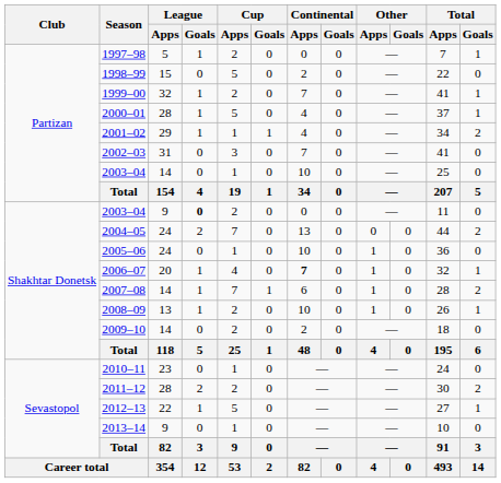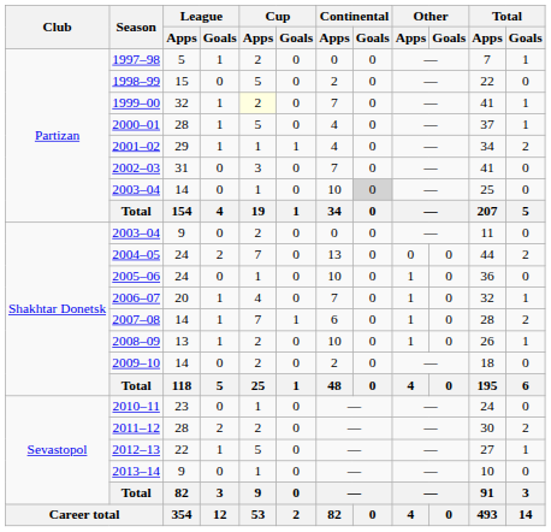 <table class="wikitable" style="text-align:center">
 <tr>
 <th rowspan="2">Club</th>
 <th rowspan="2">Season</th>
 <th colspan="2">League</th>
 <th colspan="2">Cup</th>
 <th colspan="2">Continental</th>
 <th colspan="2">Other</th>
 <th colspan="2">Total</th>
 </tr>
 <tr>
 <th>Apps</th>
 <th>Goals</th>
 <th>Apps</th>
 <th>Goals</th>
 <th>Apps</th>
 <th>Goals</th>
 <th>Apps</th>
 <th>Goals</th>
 <th>Apps</th>
 <th>Goals</th>
 </tr>
 <tr>
 <td rowspan="8"><a href='#'>Partizan</a></td>
 <td><a href='#'>1997–98</a></td>
 <td>5</td>
 <td>1</td>
 <td>2</td>
 <td>0</td>
 <td>0</td>
 <td>0</td>
 <td colspan="2">—</td>
 <td>7</td>
 <td>1</td>
 </tr>
 <tr>
 <td><a href='#'>1998–99</a></td>
 <td>15</td>
 <td>0</td>
 <td>5</td>
 <td>0</td>
 <td>2</td>
 <td>0</td>
 <td colspan="2">—</td>
 <td>22</td>
 <td>0</td>
 </tr>
 <tr>
 <td><a href='#'>1999–00</a></td>
 <td>32</td>
 <td>1</td>
-<td>2</td>
+<td style="background: lightyellow;">2</td>
 <td>0</td>
 <td>7</td>
 <td>0</td>
 <td colspan="2">—</td>
 <td>41</td>
 <td>1</td>
 </tr>
 <tr>
 <td><a href='#'>2000–01</a></td>
 <td>28</td>
 <td>1</td>
 <td>5</td>
 <td>0</td>
 <td>4</td>
 <td>0</td>
 <td colspan="2">—</td>
 <td>37</td>
 <td>1</td>
 </tr>
 <tr>
 <td><a href='#'>2001–02</a></td>
 <td>29</td>
 <td>1</td>
 <td>1</td>
 <td>1</td>
 <td>4</td>
 <td>0</td>
 <td colspan="2">—</td>
 <td>34</td>
 <td>2</td>
 </tr>
 <tr>
 <td><a href='#'>2002–03</a></td>
 <td>31</td>
 <td>0</td>
 <td>3</td>
 <td>0</td>
 <td>7</td>
 <td>0</td>
 <td colspan="2">—</td>
 <td>41</td>
 <td>0</td>
 </tr>
 <tr>
 <td><a href='#'>2003–04</a></td>
 <td>14</td>
 <td>0</td>
 <td>1</td>
 <td>0</td>
 <td>10</td>
-<td>0</td>
+<td style="background: lightgrey;">0</td>
 <td colspan="2">—</td>
 <td>25</td>
 <td>0</td>
 </tr>
 <tr>
 <th>Total</th>
 <th>154</th>
 <th>4</th>
 <th>19</th>
 <th>1</th>
 <th>34</th>
 <th>0</th>
 <th colspan="2">—</th>
 <th>207</th>
 <th>5</th>
 </tr>
 <tr>
 <td rowspan="8"><a href='#'>Shakhtar Donetsk</a></td>
 <td><a href='#'>2003–04</a></td>
 <td>9</td>
-<td><strong>0</strong></td>
+<td>0</td>
 <td>2</td>
 <td>0</td>
 <td>0</td>
 <td>0</td>
 <td colspan="2">—</td>
 <td>11</td>
 <td>0</td>
 </tr>
 <tr>
 <td><a href='#'>2004–05</a></td>
 <td>24</td>
 <td>2</td>
 <td>7</td>
 <td>0</td>
 <td>13</td>
 <td>0</td>
 <td>0</td>
 <td>0</td>
 <td>44</td>
 <td>2</td>
 </tr>
 <tr>
 <td><a href='#'>2005–06</a></td>
 <td>24</td>
 <td>0</td>
 <td>1</td>
 <td>0</td>
 <td>10</td>
 <td>0</td>
 <td>1</td>
 <td>0</td>
 <td>36</td>
 <td>0</td>
 </tr>
 <tr>
 <td><a href='#'>2006–07</a></td>
 <td>20</td>
 <td>1</td>
 <td>4</td>
 <td>0</td>
-<td><strong>7</strong></td>
+<td>7</td>
 <td>0</td>
 <td>1</td>
 <td>0</td>
 <td>32</td>
 <td>1</td>
 </tr>
 <tr>
 <td><a href='#'>2007–08</a></td>
 <td>14</td>
 <td>1</td>
 <td>7</td>
 <td>1</td>
 <td>6</td>
 <td>0</td>
 <td>1</td>
 <td>0</td>
 <td>28</td>
 <td>2</td>
 </tr>
 <tr>
 <td><a href='#'>2008–09</a></td>
 <td>13</td>
 <td>1</td>
 <td>2</td>
 <td>0</td>
 <td>10</td>
 <td>0</td>
 <td>1</td>
 <td>0</td>
 <td>26</td>
 <td>1</td>
 </tr>
 <tr>
 <td><a href='#'>2009–10</a></td>
 <td>14</td>
 <td>0</td>
 <td>2</td>
 <td>0</td>
 <td>2</td>
 <td>0</td>
 <td colspan="2">—</td>
 <td>18</td>
 <td>0</td>
 </tr>
 <tr>
 <th>Total</th>
 <th>118</th>
 <th>5</th>
 <th>25</th>
 <th>1</th>
 <th>48</th>
 <th>0</th>
 <th>4</th>
 <th>0</th>
 <th>195</th>
 <th>6</th>
 </tr>
 <tr>
 <td rowspan="5"><a href='#'>Sevastopol</a></td>
 <td><a href='#'>2010–11</a></td>
 <td>23</td>
 <td>0</td>
 <td>1</td>
 <td>0</td>
 <td colspan="2">—</td>
 <td colspan="2">—</td>
 <td>24</td>
 <td>0</td>
 </tr>
 <tr>
 <td><a href='#'>2011–12</a></td>
 <td>28</td>
 <td>2</td>
 <td>2</td>
 <td>0</td>
 <td colspan="2">—</td>
 <td colspan="2">—</td>
 <td>30</td>
 <td>2</td>
 </tr>
 <tr>
 <td><a href='#'>2012–13</a></td>
 <td>22</td>
 <td>1</td>
 <td>5</td>
 <td>0</td>
 <td colspan="2">—</td>
 <td colspan="2">—</td>
 <td>27</td>
 <td>1</td>
 </tr>
 <tr>
 <td><a href='#'>2013–14</a></td>
 <td>9</td>
 <td>0</td>
 <td>1</td>
 <td>0</td>
 <td colspan="2">—</td>
 <td colspan="2">—</td>
 <td>10</td>
 <td>0</td>
 </tr>
 <tr>
 <th>Total</th>
 <th>82</th>
 <th>3</th>
 <th>9</th>
 <th>0</th>
 <th colspan="2">—</th>
 <th colspan="2">—</th>
 <th>91</th>
 <th>3</th>
 </tr>
 <tr>
 <th colspan="2">Career total</th>
 <th>354</th>
 <th>12</th>
 <th>53</th>
 <th>2</th>
 <th>82</th>
 <th>0</th>
 <th>4</th>
 <th>0</th>
 <th>493</th>
 <th>14</th>
 </tr>
 </table>
